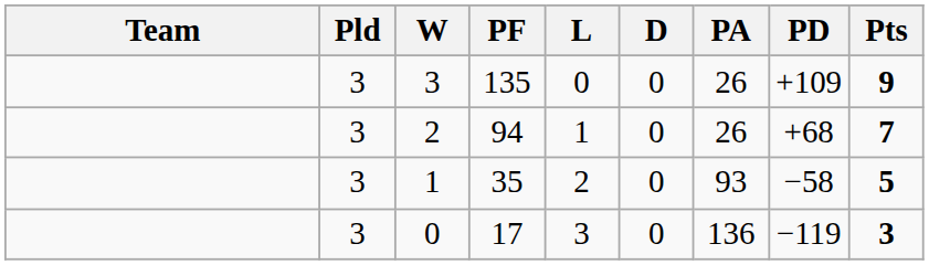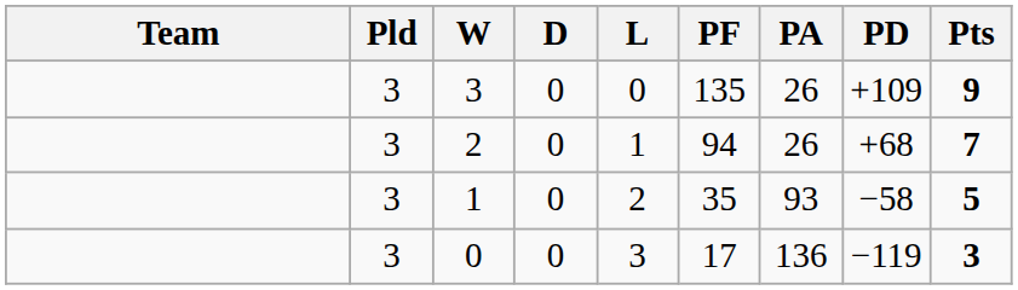 <table class="wikitable" style="text-align:center;">
 <tr>
 <th width=150>Team</th>
 <th style="width:30px;" abbr="Played">Pld</th>
 <th style="width:30px;" abbr="Won">W</th>
+<th style="width:30px;" abbr="Drawn">D</th>
+<th style="width:30px;" abbr="Lost">L</th>
 <th style="width:30px;" abbr="Points for">PF</th>
-<th style="width:30px;" abbr="Lost">L</th>
-<th style="width:30px;" abbr="Drawn">D</th>
 <th style="width:30px;" abbr="Points against">PA</th>
 <th style="width:30px;" abbr="Points difference">PD</th>
 <th style="width:30px;" abbr="Points">Pts</th>
 </tr>
 <tr>
 <td align=left></td>
 <td>3</td>
 <td>3</td>
-<td>135</td>
 <td>0</td>
 <td>0</td>
+<td>135</td>
 <td>26</td>
 <td>+109</td>
 <td><strong>9</strong></td>
 </tr>
 <tr>
 <td align=left></td>
 <td>3</td>
 <td>2</td>
+<td>0</td>
+<td>1</td>
 <td>94</td>
-<td>1</td>
-<td>0</td>
 <td>26</td>
 <td>+68</td>
 <td><strong>7</strong></td>
 </tr>
 <tr>
 <td align=left></td>
 <td>3</td>
 <td>1</td>
+<td>0</td>
+<td>2</td>
 <td>35</td>
-<td>2</td>
-<td>0</td>
 <td>93</td>
 <td>−58</td>
 <td><strong>5</strong></td>
 </tr>
 <tr>
 <td align=left></td>
 <td>3</td>
 <td>0</td>
+<td>0</td>
+<td>3</td>
 <td>17</td>
-<td>3</td>
-<td>0</td>
 <td>136</td>
 <td>−119</td>
 <td><strong>3</strong></td>
 </tr>
 </table>
